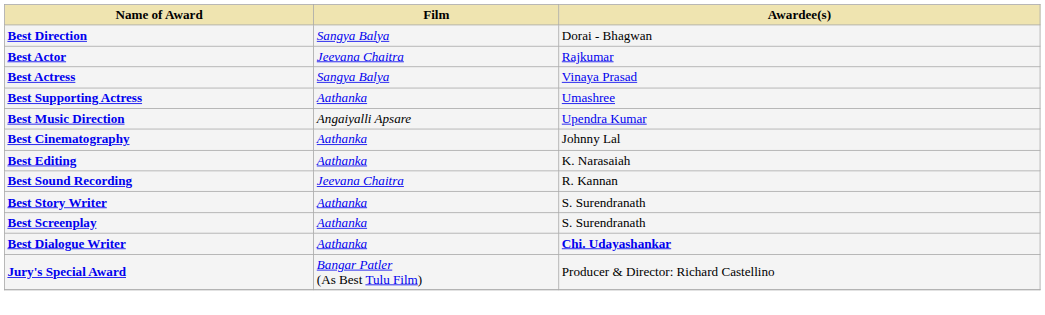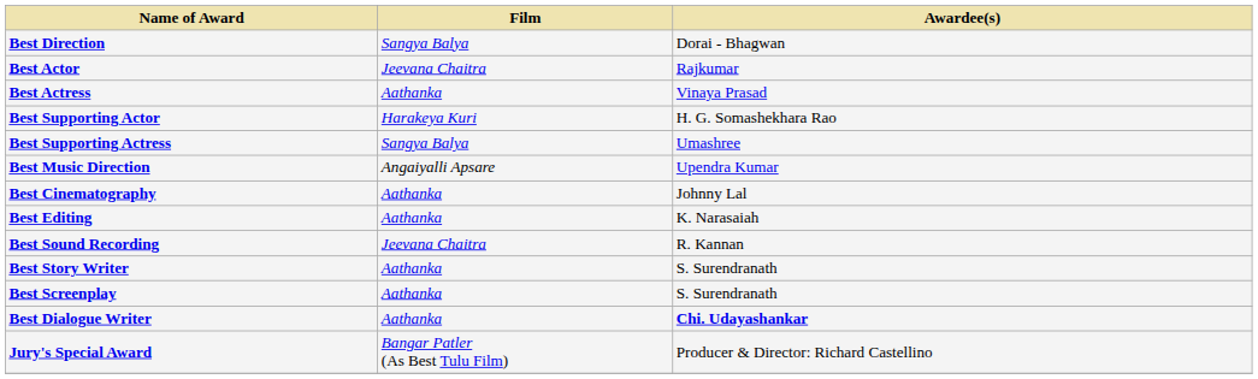 <table class="wikitable" style="width:100%;">
 <tr>
 <th style="background-color:#EFE4B0;">Name of Award</th>
 <th style="background-color:#EFE4B0;">Film</th>
 <th style="background-color:#EFE4B0;">Awardee(s)</th>
 </tr>
 <tr style="background-color:#F4F4F4">
 <td><strong><a href='#'>Best Direction</a></strong></td>
 <td><em><a href='#'>Sangya Balya</a></em></td>
 <td>Dorai - Bhagwan</td>
 </tr>
 <tr style="background-color:#F4F4F4">
 <td><strong><a href='#'>Best Actor</a></strong></td>
 <td><em><a href='#'>Jeevana Chaitra</a></em></td>
 <td><a href='#'>Rajkumar</a></td>
 </tr>
 <tr style="background-color:#F4F4F4">
 <td><strong><a href='#'>Best Actress</a></strong></td>
-<td><em><a href='#'>Sangya Balya</a></em></td>
+<td><em><a href='#'>Aathanka</a></em></td>
 <td><a href='#'>Vinaya Prasad</a></td>
 </tr>
 <tr style="background-color:#F4F4F4">
+<td><strong><a href='#'>Best Supporting Actor</a></strong></td>
+<td><em><a href='#'>Harakeya Kuri</a></em></td>
+<td>H. G. Somashekhara Rao</td>
+</tr>
+<tr style="background-color:#F4F4F4">
 <td><strong><a href='#'>Best Supporting Actress</a></strong></td>
-<td><em><a href='#'>Aathanka</a></em></td>
+<td><em><a href='#'>Sangya Balya</a></em></td>
 <td><a href='#'>Umashree</a></td>
 </tr>
 <tr style="background-color:#F4F4F4">
 <td><strong><a href='#'>Best Music Direction</a></strong></td>
 <td><em>Angaiyalli Apsare</em></td>
 <td><a href='#'>Upendra Kumar</a></td>
 </tr>
 <tr style="background-color:#F4F4F4">
 <td><strong><a href='#'>Best Cinematography</a></strong></td>
 <td><em><a href='#'>Aathanka</a></em></td>
 <td>Johnny Lal</td>
 </tr>
 <tr style="background-color:#F4F4F4">
 <td><strong><a href='#'>Best Editing</a></strong></td>
 <td><em><a href='#'>Aathanka</a></em></td>
 <td>K. Narasaiah</td>
 </tr>
 <tr style="background-color:#F4F4F4">
 <td><strong><a href='#'>Best Sound Recording</a></strong></td>
 <td><em><a href='#'>Jeevana Chaitra</a></em></td>
 <td>R. Kannan</td>
 </tr>
 <tr style="background-color:#F4F4F4">
 <td><strong><a href='#'>Best Story Writer</a></strong></td>
 <td><em><a href='#'>Aathanka</a></em></td>
 <td>S. Surendranath</td>
 </tr>
 <tr style="background-color:#F4F4F4">
 <td><strong><a href='#'>Best Screenplay</a></strong></td>
 <td><em><a href='#'>Aathanka</a></em></td>
 <td>S. Surendranath</td>
 </tr>
 <tr style="background-color:#F4F4F4">
 <td><strong><a href='#'>Best Dialogue Writer</a></strong></td>
 <td><em><a href='#'>Aathanka</a></em></td>
 <td><strong><a href='#'>Chi. Udayashankar</a></strong></td>
 </tr>
 <tr style="background-color:#F4F4F4">
 <td><strong><a href='#'>Jury's Special Award</a></strong></td>
 <td><em><a href='#'>Bangar Patler</a></em><br>(As Best <a href='#'>Tulu Film</a>)</td>
 <td>Producer & Director: Richard Castellino</td>
 </tr>
 <tr style="background-color:#F4F4F4">
 </tr>
 </table>
